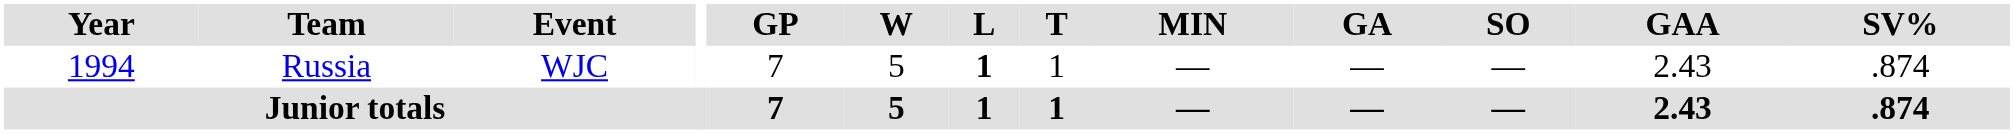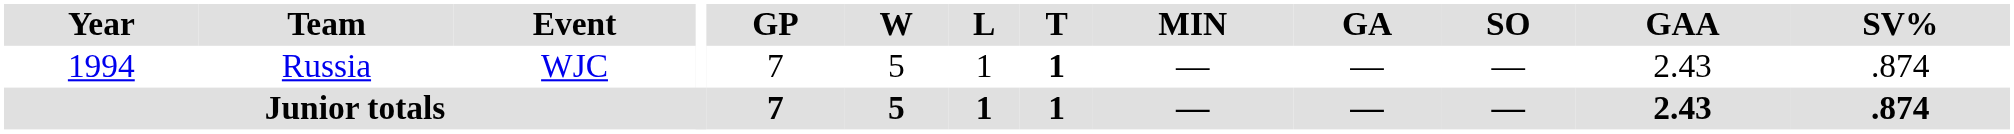 <table border="0" cellpadding="1" cellspacing="0" ID="Table3" style="text-align:center; width:60em">
 <tr ALIGN="center" bgcolor="#e0e0e0">
 <th>Year</th>
 <th>Team</th>
 <th>Event</th>
 <th rowspan="99" bgcolor="#ffffff"></th>
 <th>GP</th>
 <th>W</th>
 <th>L</th>
 <th>T</th>
 <th>MIN</th>
 <th>GA</th>
 <th>SO</th>
 <th>GAA</th>
 <th>SV%</th>
 </tr>
 <tr>
 <td><a href='#'>1994</a></td>
 <td><a href='#'>Russia</a></td>
 <td><a href='#'>WJC</a></td>
 <td>7</td>
 <td>5</td>
+<td>1</td>
 <td><strong>1</strong></td>
-<td>1</td>
 <td>—</td>
 <td>—</td>
 <td>—</td>
 <td>2.43</td>
 <td>.874</td>
 </tr>
 <tr bgcolor="#e0e0e0">
 <th colspan=4>Junior totals</th>
 <th>7</th>
 <th>5</th>
 <th>1</th>
 <th>1</th>
 <th>—</th>
 <th>—</th>
 <th>—</th>
 <th>2.43</th>
 <th>.874</th>
 </tr>
 </table>
